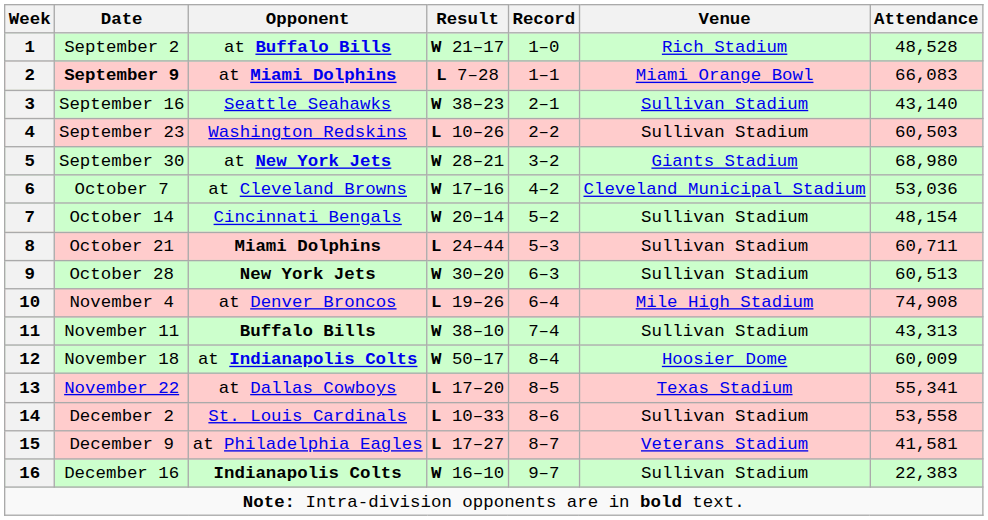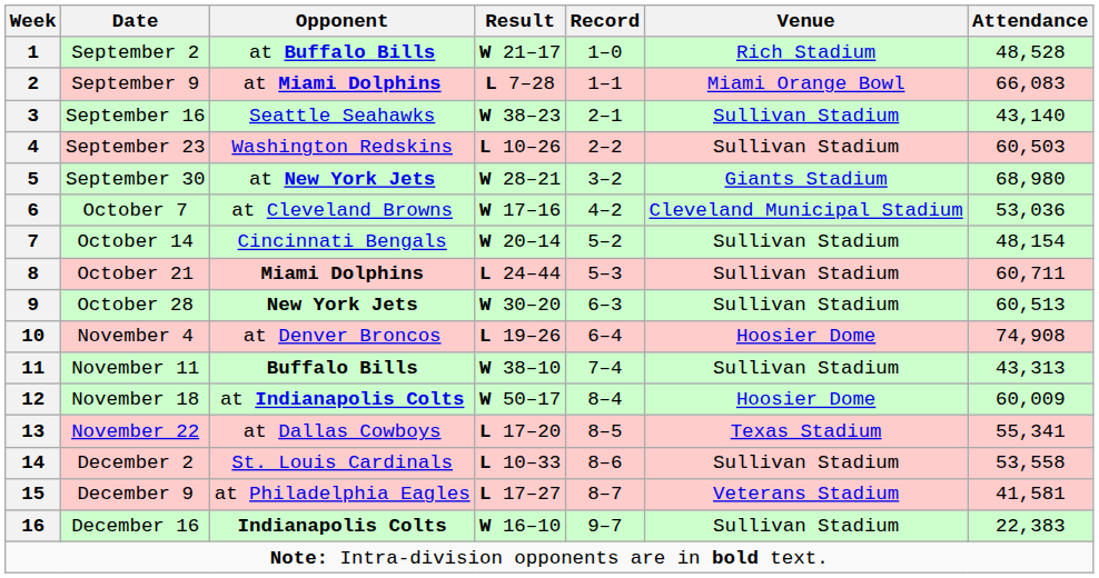 <table class="wikitable" style="text-align:center">
 <tr>
 <th>Week</th>
 <th>Date</th>
 <th>Opponent</th>
 <th>Result</th>
 <th>Record</th>
 <th>Venue</th>
 <th>Attendance</th>
 </tr>
 <tr style="background:#cfc">
 <th>1</th>
 <td>September 2</td>
 <td>at <strong><a href='#'>Buffalo Bills</a></strong></td>
 <td><strong>W</strong> 21–17</td>
 <td>1–0</td>
 <td><a href='#'>Rich Stadium</a></td>
 <td>48,528</td>
 </tr>
 <tr style="background:#fcc">
 <th>2</th>
-<td><strong>September 9</strong></td>
+<td>September 9</td>
 <td>at <strong><a href='#'>Miami Dolphins</a></strong></td>
 <td><strong>L</strong> 7–28</td>
 <td>1–1</td>
 <td><a href='#'>Miami Orange Bowl</a></td>
 <td>66,083</td>
 </tr>
 <tr style="background:#cfc">
 <th>3</th>
 <td>September 16</td>
 <td><a href='#'>Seattle Seahawks</a></td>
 <td><strong>W</strong> 38–23</td>
 <td>2–1</td>
 <td><a href='#'>Sullivan Stadium</a></td>
 <td>43,140</td>
 </tr>
 <tr style="background:#fcc">
 <th>4</th>
 <td>September 23</td>
 <td><a href='#'>Washington Redskins</a></td>
 <td><strong>L</strong> 10–26</td>
 <td>2–2</td>
 <td>Sullivan Stadium</td>
 <td>60,503</td>
 </tr>
 <tr style="background:#cfc">
 <th>5</th>
 <td>September 30</td>
 <td>at <strong><a href='#'>New York Jets</a></strong></td>
 <td><strong>W</strong> 28–21</td>
 <td>3–2</td>
 <td><a href='#'>Giants Stadium</a></td>
 <td>68,980</td>
 </tr>
 <tr style="background:#cfc">
 <th>6</th>
 <td>October 7</td>
 <td>at <a href='#'>Cleveland Browns</a></td>
 <td><strong>W</strong> 17–16</td>
 <td>4–2</td>
 <td><a href='#'>Cleveland Municipal Stadium</a></td>
 <td>53,036</td>
 </tr>
 <tr style="background:#cfc">
 <th>7</th>
 <td>October 14</td>
 <td><a href='#'>Cincinnati Bengals</a></td>
 <td><strong>W</strong> 20–14</td>
 <td>5–2</td>
 <td>Sullivan Stadium</td>
 <td>48,154</td>
 </tr>
 <tr style="background:#fcc">
 <th>8</th>
 <td>October 21</td>
 <td><strong>Miami Dolphins</strong></td>
 <td><strong>L</strong> 24–44</td>
 <td>5–3</td>
 <td>Sullivan Stadium</td>
 <td>60,711</td>
 </tr>
 <tr style="background:#cfc">
 <th>9</th>
 <td>October 28</td>
 <td><strong>New York Jets</strong></td>
 <td><strong>W</strong> 30–20</td>
 <td>6–3</td>
 <td>Sullivan Stadium</td>
 <td>60,513</td>
 </tr>
 <tr style="background:#fcc">
 <th>10</th>
 <td>November 4</td>
 <td>at <a href='#'>Denver Broncos</a></td>
 <td><strong>L</strong> 19–26</td>
 <td>6–4</td>
-<td><a href='#'>Mile High Stadium</a></td>
+<td><a href='#'>Hoosier Dome</a></td>
 <td>74,908</td>
 </tr>
 <tr style="background:#cfc">
 <th>11</th>
 <td>November 11</td>
 <td><strong>Buffalo Bills</strong></td>
 <td><strong>W</strong> 38–10</td>
 <td>7–4</td>
 <td>Sullivan Stadium</td>
 <td>43,313</td>
 </tr>
 <tr style="background:#cfc">
 <th>12</th>
 <td>November 18</td>
 <td>at <strong><a href='#'>Indianapolis Colts</a></strong></td>
 <td><strong>W</strong> 50–17</td>
 <td>8–4</td>
 <td><a href='#'>Hoosier Dome</a></td>
 <td>60,009</td>
 </tr>
 <tr style="background:#fcc">
 <th>13</th>
 <td><a href='#'>November 22</a></td>
 <td>at <a href='#'>Dallas Cowboys</a></td>
 <td><strong>L</strong> 17–20</td>
 <td>8–5</td>
 <td><a href='#'>Texas Stadium</a></td>
 <td>55,341</td>
 </tr>
 <tr style="background:#fcc">
 <th>14</th>
 <td>December 2</td>
 <td><a href='#'>St. Louis Cardinals</a></td>
 <td><strong>L</strong> 10–33</td>
 <td>8–6</td>
 <td>Sullivan Stadium</td>
 <td>53,558</td>
 </tr>
 <tr style="background:#fcc">
 <th>15</th>
 <td>December 9</td>
 <td>at <a href='#'>Philadelphia Eagles</a></td>
 <td><strong>L</strong> 17–27</td>
 <td>8–7</td>
 <td><a href='#'>Veterans Stadium</a></td>
 <td>41,581</td>
 </tr>
 <tr style="background:#cfc">
 <th>16</th>
 <td>December 16</td>
 <td><strong>Indianapolis Colts</strong></td>
 <td><strong>W</strong> 16–10</td>
 <td>9–7</td>
 <td>Sullivan Stadium</td>
 <td>22,383</td>
 </tr>
 <tr>
 <td colspan="8"><strong>Note:</strong> Intra-division opponents are in <strong>bold</strong> text.</td>
 </tr>
 </table>
